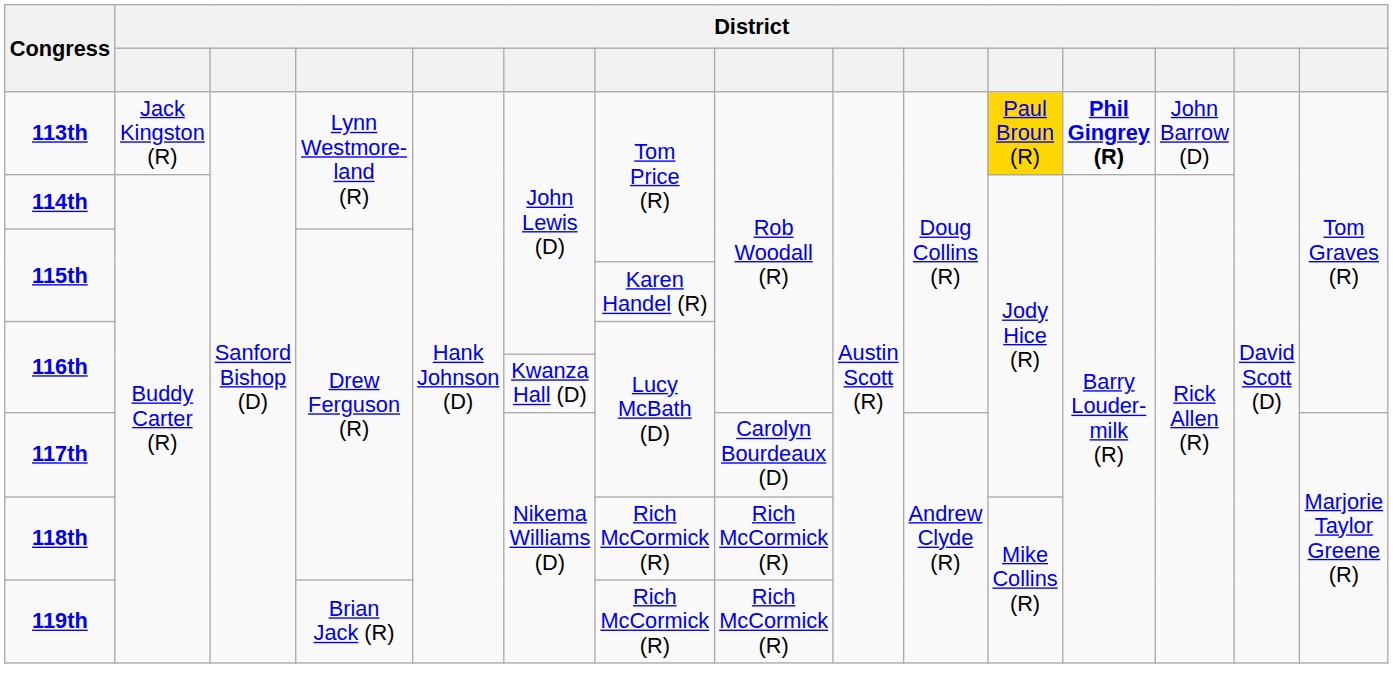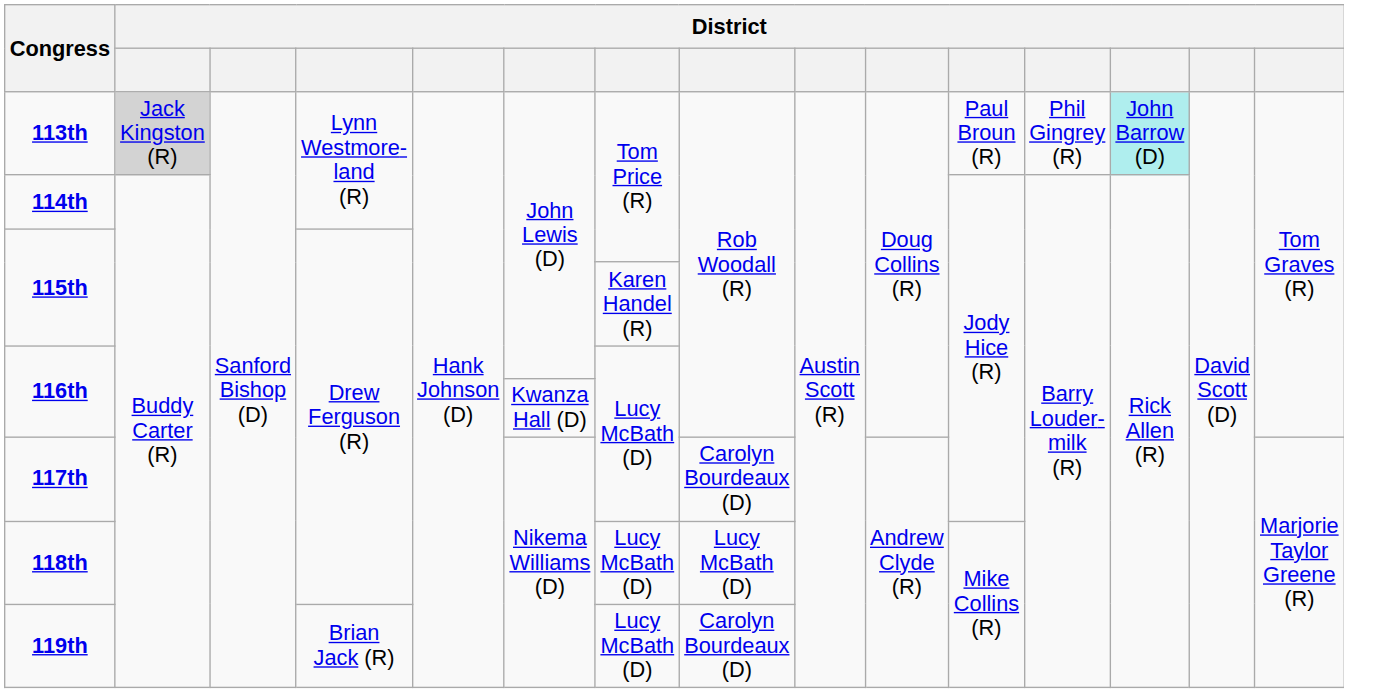 <table class=wikitable style="text-align:center">
 <tr style="height:2em">
 <th rowspan=2>Congress</th>
 <th colspan=14>District</th>
 </tr>
 <tr style="height:2em">
 <th></th>
 <th></th>
 <th></th>
 <th></th>
 <th></th>
 <th></th>
 <th></th>
 <th></th>
 <th></th>
 <th></th>
 <th></th>
 <th></th>
 <th></th>
 <th></th>
 </tr>
 <tr style="height:2.5em">
 <td><strong><a href='#'>113th</a></strong> </td>
-<td><a href='#'>Jack<br>Kingston</a> (R)</td>
+<td style="background: lightgrey;"><a href='#'>Jack<br>Kingston</a> (R)</td>
 <td rowspan="9" ><a href='#'>Sanford<br>Bishop</a><br>(D)</td>
 <td rowspan="2" ><a href='#'>Lynn<br>Westmore­land</a><br>(R)</td>
 <td rowspan="9" ><a href='#'>Hank<br>Johnson</a><br>(D)</td>
 <td rowspan="5" ><a href='#'>John<br>Lewis</a> <br>(D)</td>
 <td rowspan="3" ><a href='#'>Tom<br>Price</a><br>(R)</td>
 <td rowspan="6" ><a href='#'>Rob<br>Woodall</a><br>(R)</td>
 <td rowspan="9" ><a href='#'>Austin<br>Scott</a><br>(R)</td>
 <td rowspan="6" ><a href='#'>Doug<br>Collins</a><br>(R)</td>
-<td style="background: gold;"><a href='#'>Paul<br>Broun</a> (R)</td>
-<td><strong><a href='#'>Phil<br>Gingrey</a> (R)</strong></td>
-<td><a href='#'>John<br>Barrow</a> (D)</td>
+<td><a href='#'>Paul<br>Broun</a> (R)</td>
+<td><a href='#'>Phil<br>Gingrey</a> (R)</td>
+<td style="background: paleturquoise;"><a href='#'>John<br>Barrow</a> (D)</td>
 <td rowspan="9" ><a href='#'>David<br>Scott</a><br>(D)</td>
 <td rowspan="6" ><a href='#'>Tom<br>Graves</a><br>(R)</td>
 </tr>
 <tr style="height:2.5em">
 <td><strong><a href='#'>114th</a></strong> </td>
 <td rowspan="8" ><a href='#'>Buddy<br>Carter</a><br>(R)</td>
 <td rowspan="6" ><a href='#'>Jody<br>Hice</a><br>(R)</td>
 <td rowspan="8" ><a href='#'>Barry<br>Louder­milk</a><br>(R)</td>
 <td rowspan="8" ><a href='#'>Rick<br>Allen</a><br>(R)</td>
 </tr>
 <tr style="height:1.5em">
 <td rowspan="2"><strong><a href='#'>115th</a></strong> </td>
 <td rowspan="6" ><a href='#'>Drew<br>Ferguson</a><br>(R)</td>
 </tr>
 <tr style="height:2em">
 <td><a href='#'>Karen Handel</a> (R)</td>
 </tr>
 <tr style="height:1.5em">
 <td rowspan="2"><strong><a href='#'>116th</a></strong> </td>
 <td rowspan="3" ><a href='#'>Lucy<br>McBath</a> (D)</td>
 </tr>
 <tr style="height:2em">
 <td><a href='#'>Kwanza Hall</a> (D)</td>
 </tr>
 <tr style="height:2.5em">
 <td><strong><a href='#'>117th</a></strong> </td>
 <td rowspan="3" ><a href='#'>Nikema<br>Williams</a><br>(D)</td>
 <td><a href='#'>Carolyn<br>Bourdeaux</a> (D)</td>
 <td rowspan="3" ><a href='#'>Andrew<br>Clyde</a><br>(R)</td>
 <td rowspan="3" ><a href='#'>Marjorie<br>Taylor<br>Greene</a> (R)</td>
 </tr>
 <tr style="height:2.5em">
 <td><strong><a href='#'>118th</a></strong> </td>
-<td><a href='#'>Rich<br>McCormick</a> (R)</td>
-<td><a href='#'>Rich<br>McCormick</a> (R)</td>
+<td><a href='#'>Lucy<br>McBath</a> (D)</td>
+<td><a href='#'>Lucy<br>McBath</a> (D)</td>
 <td rowspan="2" ><a href='#'>Mike<br>Collins</a> (R)</td>
 </tr>
 <tr style="height:2.5em">
 <td><strong><a href='#'>119th</a></strong> </td>
 <td><a href='#'>Brian<br>Jack</a> (R)</td>
-<td><a href='#'>Rich<br>McCormick</a> (R)</td>
-<td><a href='#'>Rich<br>McCormick</a> (R)</td>
+<td><a href='#'>Lucy<br>McBath</a> (D)</td>
+<td><a href='#'>Carolyn<br>Bourdeaux</a> (D)</td>
 </tr>
 </table>
